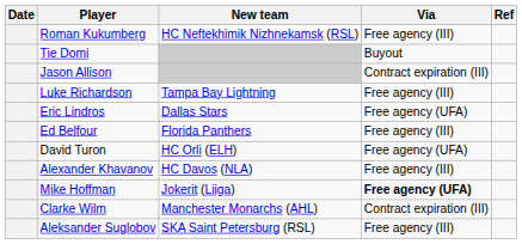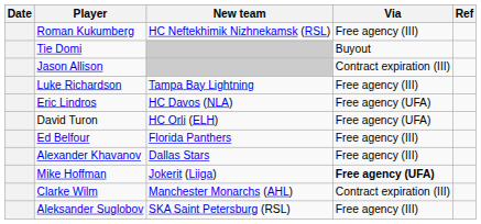 <table class="wikitable plainrowheaders">
 <tr style="background:#ddd; text-align:center;">
 <th>Date</th>
 <th>Player</th>
 <th>New team</th>
 <th>Via</th>
 <th>Ref</th>
 </tr>
 <tr>
 <th scope="row"></th>
 <td><a href='#'>Roman Kukumberg</a></td>
 <td><a href='#'>HC Neftekhimik Nizhnekamsk</a> (<a href='#'>RSL</a>)</td>
 <td>Free agency (III)</td>
 <td></td>
 </tr>
 <tr>
 <th scope="row"></th>
 <td><a href='#'>Tie Domi</a></td>
 <td style="background:#ccc"></td>
 <td>Buyout</td>
 <td></td>
 </tr>
 <tr>
 <th scope="row"></th>
 <td><a href='#'>Jason Allison</a></td>
 <td style="background:#ccc"></td>
 <td>Contract expiration (III)</td>
 <td></td>
 </tr>
 <tr>
 <th scope="row"></th>
 <td><a href='#'>Luke Richardson</a></td>
 <td><a href='#'>Tampa Bay Lightning</a></td>
 <td>Free agency (III)</td>
 <td></td>
 </tr>
 <tr>
 <th scope="row"></th>
 <td><a href='#'>Eric Lindros</a></td>
-<td><a href='#'>Dallas Stars</a></td>
+<td><a href='#'>HC Davos</a> (<a href='#'>NLA</a>)</td>
+<td>Free agency (UFA)</td>
+<td></td>
+</tr>
+<tr>
+<th scope="row"></th>
+<td>David Turon</td>
+<td><a href='#'>HC Orli</a> (<a href='#'>ELH</a>)</td>
 <td>Free agency (UFA)</td>
 <td></td>
 </tr>
 <tr>
 <th scope="row"></th>
 <td><a href='#'>Ed Belfour</a></td>
 <td><a href='#'>Florida Panthers</a></td>
 <td>Free agency (III)</td>
 <td></td>
 </tr>
 <tr>
 <th scope="row"></th>
-<td>David Turon</td>
-<td><a href='#'>HC Orli</a> (<a href='#'>ELH</a>)</td>
-<td>Free agency (UFA)</td>
-<td></td>
-</tr>
-<tr>
-<th scope="row"></th>
 <td><a href='#'>Alexander Khavanov</a></td>
-<td><a href='#'>HC Davos</a> (<a href='#'>NLA</a>)</td>
+<td><a href='#'>Dallas Stars</a></td>
 <td>Free agency (III)</td>
 <td></td>
 </tr>
 <tr>
 <th scope="row"></th>
 <td><a href='#'>Mike Hoffman</a></td>
 <td><a href='#'>Jokerit</a> (<a href='#'>Liiga</a>)</td>
 <td><strong>Free agency (UFA)</strong></td>
 <td></td>
 </tr>
 <tr>
 <th scope="row"></th>
 <td><a href='#'>Clarke Wilm</a></td>
 <td><a href='#'>Manchester Monarchs</a> (<a href='#'>AHL</a>)</td>
 <td>Contract expiration (III)</td>
 <td></td>
 </tr>
 <tr>
 <th scope="row"></th>
 <td><a href='#'>Aleksander Suglobov</a></td>
 <td><a href='#'>SKA Saint Petersburg</a> (RSL)</td>
 <td>Free agency (III)</td>
 <td></td>
 </tr>
 </table>
